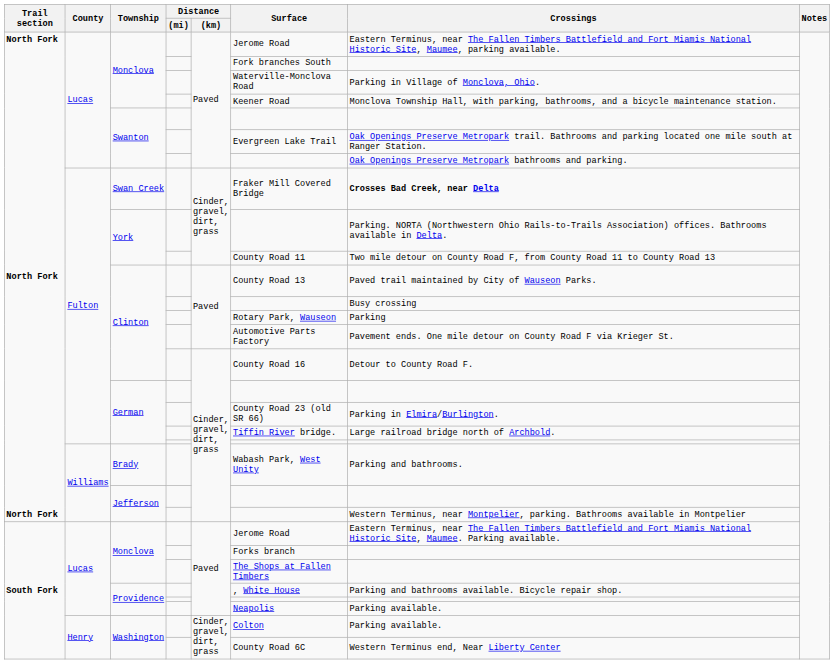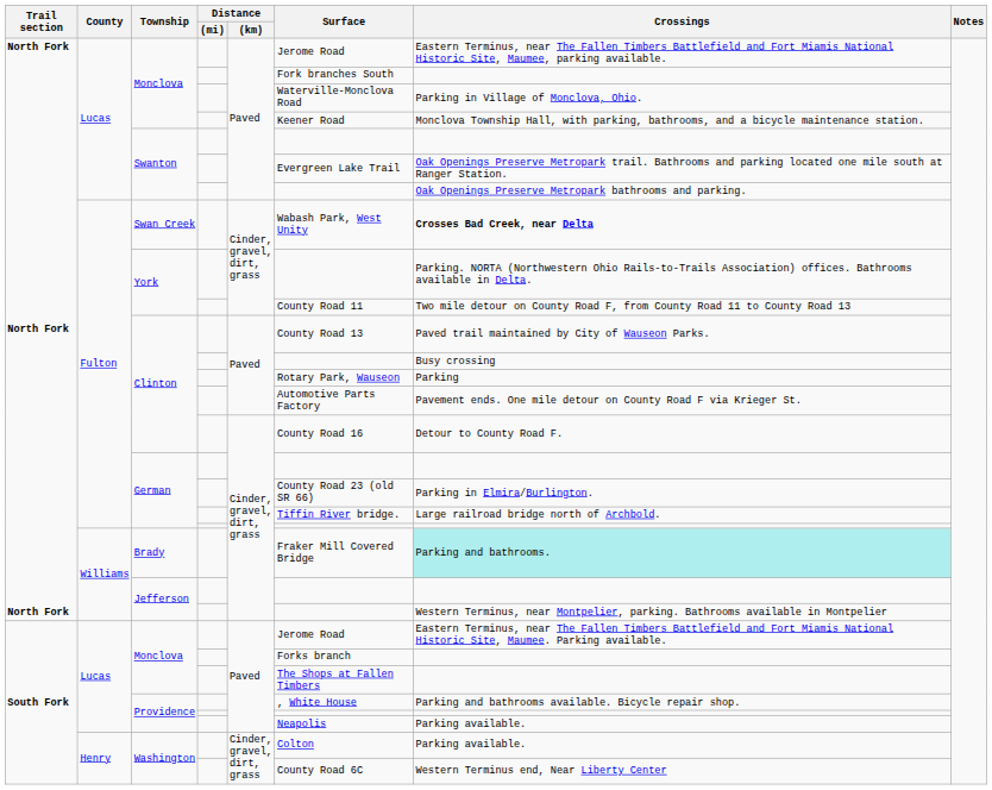 <table class="wikitable">
 <tr>
 <th rowspan=2>Trail section</th>
 <th rowspan=2>County</th>
 <th rowspan=2>Township</th>
 <th colspan=2>Distance</th>
 <th rowspan=2>Surface</th>
 <th rowspan=2>Crossings</th>
 <th rowspan=2>Notes</th>
 </tr>
 <tr>
 <th>(mi)</th>
 <th>(km)</th>
 </tr>
 <tr>
 <td rowspan="22"><strong>North Fork</strong><br><br><br><br><br><br><br><br><br><br><br><br><br><br><br><br><br><br><br><br><br><br><br><br><strong>North Fork</strong><br><br><br><br><br><br><br><br><br><br><br><br><br><br><br><br><br><br><br><br><br><br><br><br><strong>North Fork</strong></td>
 <td rowspan="7"><a href='#'>Lucas</a></td>
 <td rowspan="4"><a href='#'>Monclova</a></td>
 <td></td>
 <td rowspan="7">Paved</td>
 <td>Jerome Road</td>
 <td> Eastern Terminus,  near <a href='#'>The Fallen Timbers Battlefield and Fort Miamis National Historic Site</a>, <a href='#'>Maumee</a>, parking available. </td>
 </tr>
 <tr>
 <td></td>
 <td>Fork branches South</td>
 <td></td>
 </tr>
 <tr>
 <td></td>
 <td>Waterville-Monclova Road</td>
 <td> Parking in Village of <a href='#'>Monclova, Ohio</a>. </td>
 </tr>
 <tr>
 <td></td>
 <td>Keener Road</td>
 <td>  Monclova Township Hall, with parking, bathrooms, and a bicycle maintenance station. </td>
 </tr>
 <tr>
 <td rowspan="3"><a href='#'>Swanton</a></td>
 <td></td>
 <td></td>
 <td></td>
 </tr>
 <tr>
 <td></td>
 <td>Evergreen Lake Trail</td>
 <td><a href='#'>Oak Openings Preserve Metropark</a> trail.   Bathrooms and parking located one mile south at Ranger Station.   </td>
 </tr>
 <tr>
 <td></td>
 <td></td>
 <td>  <a href='#'>Oak Openings Preserve Metropark</a> bathrooms and parking. </td>
 </tr>
 <tr>
 <td rowspan="12"><a href='#'>Fulton</a></td>
 <td><a href='#'>Swan Creek</a></td>
 <td></td>
 <td rowspan="3">Cinder,<br>gravel,<br>dirt,<br>grass</td>
-<td>Fraker Mill Covered Bridge</td>
+<td>Wabash Park, <a href='#'>West Unity</a></td>
 <td><strong>Crosses Bad Creek, near <a href='#'>Delta</a> </strong></td>
 </tr>
 <tr>
 <td rowspan="2"><a href='#'>York</a></td>
 <td></td>
 <td></td>
 <td> Parking. NORTA (Northwestern Ohio Rails-to-Trails Association) offices. Bathrooms available in <a href='#'>Delta</a>.  </td>
 </tr>
 <tr>
 <td></td>
 <td>County Road 11</td>
 <td>Two mile detour on County Road F, from County Road 11 to County Road 13 </td>
 </tr>
 <tr>
 <td rowspan="5"><a href='#'>Clinton</a></td>
 <td></td>
 <td rowspan="4">Paved</td>
 <td>County Road 13</td>
 <td>Paved trail maintained by City of <a href='#'>Wauseon</a> Parks. </td>
 </tr>
 <tr>
 <td></td>
 <td></td>
 <td>Busy crossing </td>
 </tr>
 <tr>
 <td></td>
 <td>Rotary Park, <a href='#'>Wauseon</a></td>
 <td>  Parking </td>
 </tr>
 <tr>
 <td></td>
 <td>Automotive Parts Factory</td>
 <td>Pavement ends.  One mile detour on County Road F via Krieger St.</td>
 </tr>
 <tr>
 <td></td>
 <td rowspan="8">Cinder,<br>gravel,<br>dirt,<br>grass</td>
 <td>County Road 16</td>
 <td>Detour to County Road F. </td>
 </tr>
 <tr>
 <td rowspan="4"><a href='#'>German</a></td>
 <td></td>
 <td></td>
 <td></td>
 </tr>
 <tr>
 <td></td>
 <td>County Road 23 (old SR 66)</td>
 <td> Parking in <a href='#'>Elmira</a>/<a href='#'>Burlington</a>. </td>
 </tr>
 <tr>
 <td></td>
 <td><a href='#'>Tiffin River</a> bridge.</td>
 <td>Large railroad bridge north of <a href='#'>Archbold</a>. </td>
 </tr>
 <tr>
 <td></td>
 <td></td>
 <td></td>
 </tr>
 <tr>
 <td rowspan="3"><a href='#'>Williams</a></td>
 <td><a href='#'>Brady</a></td>
 <td></td>
-<td>Wabash Park, <a href='#'>West Unity</a></td>
-<td>  Parking and bathrooms. </td>
+<td>Fraker Mill Covered Bridge</td>
+<td style="background: paleturquoise;">  Parking and bathrooms. </td>
 </tr>
 <tr>
 <td rowspan="2"><a href='#'>Jefferson</a></td>
 <td></td>
 <td></td>
 <td></td>
 </tr>
 <tr>
 <td></td>
 <td></td>
 <td> Western Terminus, near <a href='#'>Montpelier</a>, parking.  Bathrooms available in Montpelier </td>
 </tr>
 <tr>
 <td rowspan="8"><strong>South Fork</strong></td>
 <td rowspan="6"><a href='#'>Lucas</a></td>
 <td rowspan="3"><a href='#'>Monclova</a></td>
 <td></td>
 <td rowspan="6">Paved</td>
 <td>Jerome Road</td>
 <td> Eastern Terminus,  near <a href='#'>The Fallen Timbers  Battlefield and Fort Miamis National Historic Site</a>, <a href='#'>Maumee</a>. Parking available.</td>
 </tr>
 <tr>
 <td></td>
 <td>Forks branch</td>
 <td></td>
 </tr>
 <tr>
 <td></td>
 <td><a href='#'>The Shops at Fallen Timbers</a></td>
 <td></td>
 </tr>
 <tr>
 <td rowspan="3"><a href='#'>Providence</a></td>
 <td></td>
 <td>, <a href='#'>White House</a></td>
 <td>  Parking and bathrooms available. Bicycle repair shop. </td>
 </tr>
 <tr>
 <td></td>
 <td></td>
 <td></td>
 </tr>
 <tr>
 <td></td>
 <td><a href='#'>Neapolis</a></td>
 <td> Parking available. </td>
 </tr>
 <tr>
 <td rowspan="2"><a href='#'>Henry</a></td>
 <td rowspan="2"><a href='#'>Washington</a></td>
 <td></td>
 <td rowspan="2">Cinder,<br>gravel,<br>dirt,<br>grass</td>
 <td><a href='#'>Colton</a></td>
 <td> Parking available. </td>
 </tr>
 <tr>
 <td></td>
 <td>County Road 6C</td>
 <td> Western Terminus end, Near <a href='#'>Liberty Center</a> </td>
 </tr>
 </table>
